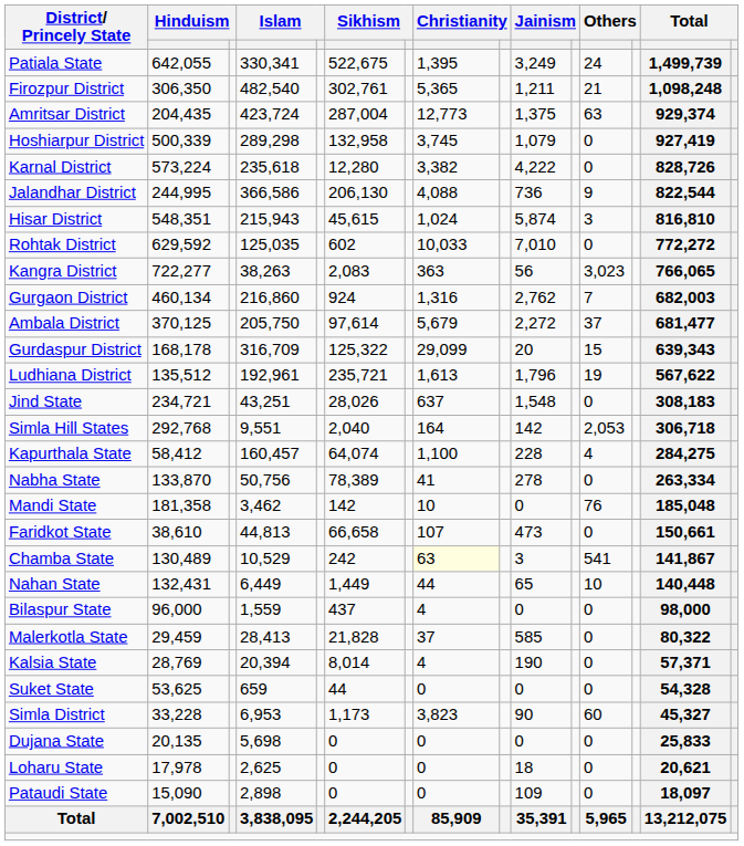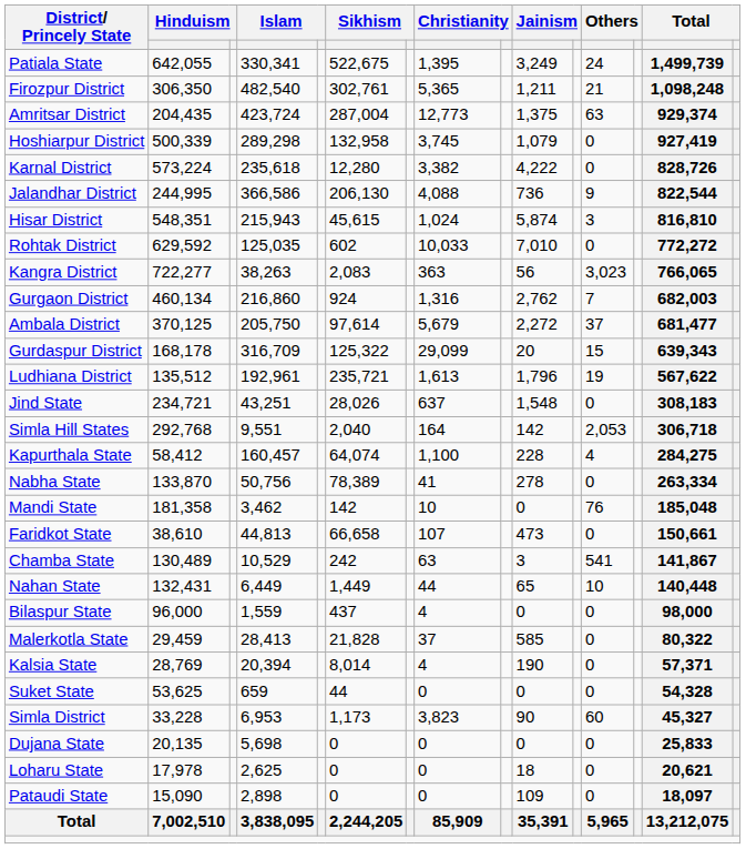 <table class="wikitable sortable mw-collapsible">
 <tr>
 <th rowspan="2"><a href='#'>District</a>/<br><a href='#'>Princely State</a></th>
 <th colspan="2"><a href='#'>Hinduism</a> </th>
 <th colspan="2"><a href='#'>Islam</a> </th>
 <th colspan="2"><a href='#'>Sikhism</a> </th>
 <th colspan="2"><a href='#'>Christianity</a> </th>
 <th colspan="2"><a href='#'>Jainism</a> </th>
 <th colspan="2">Others</th>
 <th colspan="2">Total</th>
 </tr>
 <tr>
 <th><a href='#'></a></th>
 <th></th>
 <th></th>
 <th></th>
 <th></th>
 <th></th>
 <th></th>
 <th></th>
 <th></th>
 <th></th>
 <th></th>
 <th></th>
 <th></th>
 <th></th>
 </tr>
 <tr>
 <td><a href='#'>Patiala State</a></td>
 <td>642,055</td>
 <td></td>
 <td>330,341</td>
 <td></td>
 <td>522,675</td>
 <td></td>
 <td>1,395</td>
 <td></td>
 <td>3,249</td>
 <td></td>
 <td>24</td>
 <td></td>
 <th>1,499,739</th>
 <th></th>
 </tr>
 <tr>
 <td><a href='#'>Firozpur District</a></td>
 <td>306,350</td>
 <td></td>
 <td>482,540</td>
 <td></td>
 <td>302,761</td>
 <td></td>
 <td>5,365</td>
 <td></td>
 <td>1,211</td>
 <td></td>
 <td>21</td>
 <td></td>
 <th>1,098,248</th>
 <th></th>
 </tr>
 <tr>
 <td><a href='#'>Amritsar District</a></td>
 <td>204,435</td>
 <td></td>
 <td>423,724</td>
 <td></td>
 <td>287,004</td>
 <td></td>
 <td>12,773</td>
 <td></td>
 <td>1,375</td>
 <td></td>
 <td>63</td>
 <td></td>
 <th>929,374</th>
 <th></th>
 </tr>
 <tr>
 <td><a href='#'>Hoshiarpur District</a></td>
 <td>500,339</td>
 <td></td>
 <td>289,298</td>
 <td></td>
 <td>132,958</td>
 <td></td>
 <td>3,745</td>
 <td></td>
 <td>1,079</td>
 <td></td>
 <td>0</td>
 <td></td>
 <th>927,419</th>
 <th></th>
 </tr>
 <tr>
 <td><a href='#'>Karnal District</a></td>
 <td>573,224</td>
 <td></td>
 <td>235,618</td>
 <td></td>
 <td>12,280</td>
 <td></td>
 <td>3,382</td>
 <td></td>
 <td>4,222</td>
 <td></td>
 <td>0</td>
 <td></td>
 <th>828,726</th>
 <th></th>
 </tr>
 <tr>
 <td><a href='#'>Jalandhar District</a></td>
 <td>244,995</td>
 <td></td>
 <td>366,586</td>
 <td></td>
 <td>206,130</td>
 <td></td>
 <td>4,088</td>
 <td></td>
 <td>736</td>
 <td></td>
 <td>9</td>
 <td></td>
 <th>822,544</th>
 <th></th>
 </tr>
 <tr>
 <td><a href='#'>Hisar District</a></td>
 <td>548,351</td>
 <td></td>
 <td>215,943</td>
 <td></td>
 <td>45,615</td>
 <td></td>
 <td>1,024</td>
 <td></td>
 <td>5,874</td>
 <td></td>
 <td>3</td>
 <td></td>
 <th>816,810</th>
 <th></th>
 </tr>
 <tr>
 <td><a href='#'>Rohtak District</a></td>
 <td>629,592</td>
 <td></td>
 <td>125,035</td>
 <td></td>
 <td>602</td>
 <td></td>
 <td>10,033</td>
 <td></td>
 <td>7,010</td>
 <td></td>
 <td>0</td>
 <td></td>
 <th>772,272</th>
 <th></th>
 </tr>
 <tr>
 <td><a href='#'>Kangra District</a></td>
 <td>722,277</td>
 <td></td>
 <td>38,263</td>
 <td></td>
 <td>2,083</td>
 <td></td>
 <td>363</td>
 <td></td>
 <td>56</td>
 <td></td>
 <td>3,023</td>
 <td></td>
 <th>766,065</th>
 <th></th>
 </tr>
 <tr>
 <td><a href='#'>Gurgaon District</a></td>
 <td>460,134</td>
 <td></td>
 <td>216,860</td>
 <td></td>
 <td>924</td>
 <td></td>
 <td>1,316</td>
 <td></td>
 <td>2,762</td>
 <td></td>
 <td>7</td>
 <td></td>
 <th>682,003</th>
 <th></th>
 </tr>
 <tr>
 <td><a href='#'>Ambala District</a></td>
 <td>370,125</td>
 <td></td>
 <td>205,750</td>
 <td></td>
 <td>97,614</td>
 <td></td>
 <td>5,679</td>
 <td></td>
 <td>2,272</td>
 <td></td>
 <td>37</td>
 <td></td>
 <th>681,477</th>
 <th></th>
 </tr>
 <tr>
 <td><a href='#'>Gurdaspur District</a></td>
 <td>168,178</td>
 <td></td>
 <td>316,709</td>
 <td></td>
 <td>125,322</td>
 <td></td>
 <td>29,099</td>
 <td></td>
 <td>20</td>
 <td></td>
 <td>15</td>
 <td></td>
 <th>639,343</th>
 <th></th>
 </tr>
 <tr>
 <td><a href='#'>Ludhiana District</a></td>
 <td>135,512</td>
 <td></td>
 <td>192,961</td>
 <td></td>
 <td>235,721</td>
 <td></td>
 <td>1,613</td>
 <td></td>
 <td>1,796</td>
 <td></td>
 <td>19</td>
 <td></td>
 <th>567,622</th>
 <th></th>
 </tr>
 <tr>
 <td><a href='#'>Jind State</a></td>
 <td>234,721</td>
 <td></td>
 <td>43,251</td>
 <td></td>
 <td>28,026</td>
 <td></td>
 <td>637</td>
 <td></td>
 <td>1,548</td>
 <td></td>
 <td>0</td>
 <td></td>
 <th>308,183</th>
 <th></th>
 </tr>
 <tr>
 <td><a href='#'>Simla Hill States</a></td>
 <td>292,768</td>
 <td></td>
 <td>9,551</td>
 <td></td>
 <td>2,040</td>
 <td></td>
 <td>164</td>
 <td></td>
 <td>142</td>
 <td></td>
 <td>2,053</td>
 <td></td>
 <th>306,718</th>
 <th></th>
 </tr>
 <tr>
 <td><a href='#'>Kapurthala State</a></td>
 <td>58,412</td>
 <td></td>
 <td>160,457</td>
 <td></td>
 <td>64,074</td>
 <td></td>
 <td>1,100</td>
 <td></td>
 <td>228</td>
 <td></td>
 <td>4</td>
 <td></td>
 <th>284,275</th>
 <th></th>
 </tr>
 <tr>
 <td><a href='#'>Nabha State</a></td>
 <td>133,870</td>
 <td></td>
 <td>50,756</td>
 <td></td>
 <td>78,389</td>
 <td></td>
 <td>41</td>
 <td></td>
 <td>278</td>
 <td></td>
 <td>0</td>
 <td></td>
 <th>263,334</th>
 <th></th>
 </tr>
 <tr>
 <td><a href='#'>Mandi State</a></td>
 <td>181,358</td>
 <td></td>
 <td>3,462</td>
 <td></td>
 <td>142</td>
 <td></td>
 <td>10</td>
 <td></td>
 <td>0</td>
 <td></td>
 <td>76</td>
 <td></td>
 <th>185,048</th>
 <th></th>
 </tr>
 <tr>
 <td><a href='#'>Faridkot State</a></td>
 <td>38,610</td>
 <td></td>
 <td>44,813</td>
 <td></td>
 <td>66,658</td>
 <td></td>
 <td>107</td>
 <td></td>
 <td>473</td>
 <td></td>
 <td>0</td>
 <td></td>
 <th>150,661</th>
 <th></th>
 </tr>
 <tr>
 <td><a href='#'>Chamba State</a></td>
 <td>130,489</td>
 <td></td>
 <td>10,529</td>
 <td></td>
 <td>242</td>
 <td></td>
-<td style="background: lightyellow;">63</td>
+<td>63</td>
 <td></td>
 <td>3</td>
 <td></td>
 <td>541</td>
 <td></td>
 <th>141,867</th>
 <th></th>
 </tr>
 <tr>
 <td><a href='#'>Nahan State</a></td>
 <td>132,431</td>
 <td></td>
 <td>6,449</td>
 <td></td>
 <td>1,449</td>
 <td></td>
 <td>44</td>
 <td></td>
 <td>65</td>
 <td></td>
 <td>10</td>
 <td></td>
 <th>140,448</th>
 <th></th>
 </tr>
 <tr>
 <td><a href='#'>Bilaspur State</a></td>
 <td>96,000</td>
 <td></td>
 <td>1,559</td>
 <td></td>
 <td>437</td>
 <td></td>
 <td>4</td>
 <td></td>
 <td>0</td>
 <td></td>
 <td>0</td>
 <td></td>
 <th>98,000</th>
 <th></th>
 </tr>
 <tr>
 <td><a href='#'>Malerkotla State</a></td>
 <td>29,459</td>
 <td></td>
 <td>28,413</td>
 <td></td>
 <td>21,828</td>
 <td></td>
 <td>37</td>
 <td></td>
 <td>585</td>
 <td></td>
 <td>0</td>
 <td></td>
 <th>80,322</th>
 <th></th>
 </tr>
 <tr>
 <td><a href='#'>Kalsia State</a></td>
 <td>28,769</td>
 <td></td>
 <td>20,394</td>
 <td></td>
 <td>8,014</td>
 <td></td>
 <td>4</td>
 <td></td>
 <td>190</td>
 <td></td>
 <td>0</td>
 <td></td>
 <th>57,371</th>
 <th></th>
 </tr>
 <tr>
 <td><a href='#'>Suket State</a></td>
 <td>53,625</td>
 <td></td>
 <td>659</td>
 <td></td>
 <td>44</td>
 <td></td>
 <td>0</td>
 <td></td>
 <td>0</td>
 <td></td>
 <td>0</td>
 <td></td>
 <th>54,328</th>
 <th></th>
 </tr>
 <tr>
 <td><a href='#'>Simla District</a></td>
 <td>33,228</td>
 <td></td>
 <td>6,953</td>
 <td></td>
 <td>1,173</td>
 <td></td>
 <td>3,823</td>
 <td></td>
 <td>90</td>
 <td></td>
 <td>60</td>
 <td></td>
 <th>45,327</th>
 <th></th>
 </tr>
 <tr>
 <td><a href='#'>Dujana State</a></td>
 <td>20,135</td>
 <td></td>
 <td>5,698</td>
 <td></td>
 <td>0</td>
 <td></td>
 <td>0</td>
 <td></td>
 <td>0</td>
 <td></td>
 <td>0</td>
 <td></td>
 <th>25,833</th>
 <th></th>
 </tr>
 <tr>
 <td><a href='#'>Loharu State</a></td>
 <td>17,978</td>
 <td></td>
 <td>2,625</td>
 <td></td>
 <td>0</td>
 <td></td>
 <td>0</td>
 <td></td>
 <td>18</td>
 <td></td>
 <td>0</td>
 <td></td>
 <th>20,621</th>
 <th></th>
 </tr>
 <tr>
 <td><a href='#'>Pataudi State</a></td>
 <td>15,090</td>
 <td></td>
 <td>2,898</td>
 <td></td>
 <td>0</td>
 <td></td>
 <td>0</td>
 <td></td>
 <td>109</td>
 <td></td>
 <td>0</td>
 <td></td>
 <th>18,097</th>
 <th></th>
 </tr>
 <tr>
 <th>Total</th>
 <th>7,002,510</th>
 <th></th>
 <th>3,838,095</th>
 <th></th>
 <th>2,244,205</th>
 <th></th>
 <th>85,909</th>
 <th></th>
 <th>35,391</th>
 <th></th>
 <th>5,965</th>
 <th></th>
 <th>13,212,075</th>
 <th></th>
 </tr>
 <tr class="sortbottom">
 <td colspan="15"></td>
 </tr>
 </table>
